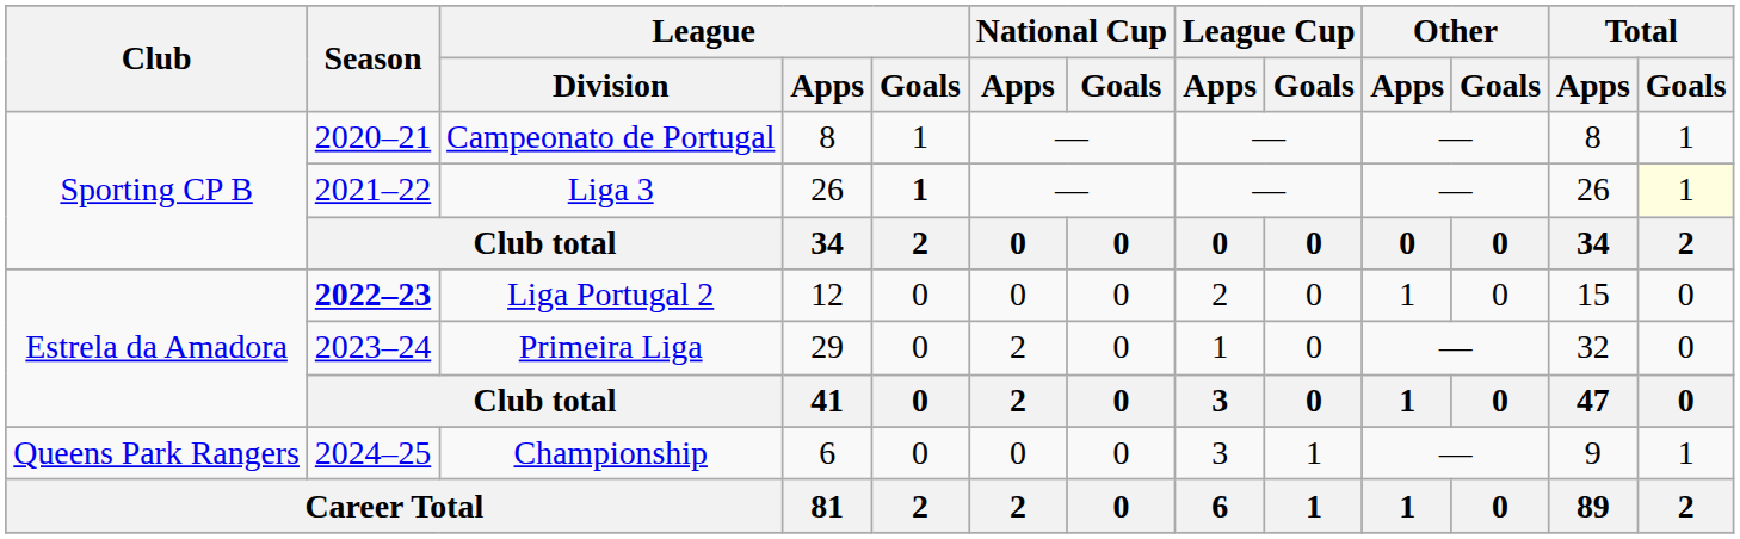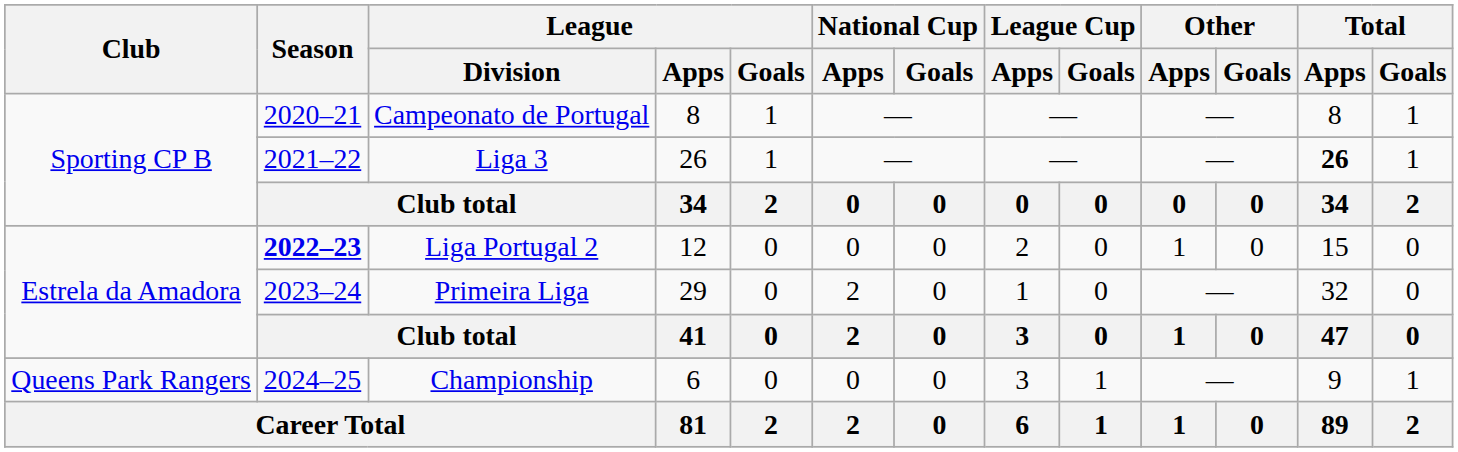 <table class="wikitable" style="text-align: center">
 <tr>
 <th rowspan="2">Club</th>
 <th rowspan="2">Season</th>
 <th colspan="3">League</th>
 <th colspan="2">National Cup</th>
 <th colspan="2">League Cup</th>
 <th colspan="2">Other</th>
 <th colspan="2">Total</th>
 </tr>
 <tr>
 <th>Division</th>
 <th>Apps</th>
 <th>Goals</th>
 <th>Apps</th>
 <th>Goals</th>
 <th>Apps</th>
 <th>Goals</th>
 <th>Apps</th>
 <th>Goals</th>
 <th>Apps</th>
 <th>Goals</th>
 </tr>
 <tr>
 <td rowspan="3"><a href='#'>Sporting CP B</a></td>
 <td><a href='#'>2020–21</a></td>
 <td><a href='#'>Campeonato de Portugal</a></td>
 <td>8</td>
 <td>1</td>
 <td colspan="2">—</td>
 <td colspan="2">—</td>
 <td colspan="2">—</td>
 <td>8</td>
 <td>1</td>
 </tr>
 <tr>
 <td><a href='#'>2021–22</a></td>
 <td><a href='#'>Liga 3</a></td>
 <td>26</td>
-<td><strong>1</strong></td>
+<td>1</td>
 <td colspan="2">—</td>
 <td colspan="2">—</td>
 <td colspan="2">—</td>
-<td>26</td>
-<td style="background: lightyellow;">1</td>
+<td><strong>26</strong></td>
+<td>1</td>
 </tr>
 <tr>
 <th colspan="2">Club total</th>
 <th>34</th>
 <th>2</th>
 <th>0</th>
 <th>0</th>
 <th>0</th>
 <th>0</th>
 <th>0</th>
 <th>0</th>
 <th>34</th>
 <th>2</th>
 </tr>
 <tr>
 <td rowspan="3"><a href='#'>Estrela da Amadora</a></td>
 <td><strong><a href='#'>2022–23</a></strong></td>
 <td><a href='#'>Liga Portugal 2</a></td>
 <td>12</td>
 <td>0</td>
 <td>0</td>
 <td>0</td>
 <td>2</td>
 <td>0</td>
 <td>1</td>
 <td>0</td>
 <td>15</td>
 <td>0</td>
 </tr>
 <tr>
 <td><a href='#'>2023–24</a></td>
 <td><a href='#'>Primeira Liga</a></td>
 <td>29</td>
 <td>0</td>
 <td>2</td>
 <td>0</td>
 <td>1</td>
 <td>0</td>
 <td colspan="2">—</td>
 <td>32</td>
 <td>0</td>
 </tr>
 <tr>
 <th colspan="2">Club total</th>
 <th>41</th>
 <th>0</th>
 <th>2</th>
 <th>0</th>
 <th>3</th>
 <th>0</th>
 <th>1</th>
 <th>0</th>
 <th>47</th>
 <th>0</th>
 </tr>
 <tr>
 <td><a href='#'>Queens Park Rangers</a></td>
 <td><a href='#'>2024–25</a></td>
 <td><a href='#'>Championship</a></td>
 <td>6</td>
 <td>0</td>
 <td>0</td>
 <td>0</td>
 <td>3</td>
 <td>1</td>
 <td colspan="2">—</td>
 <td>9</td>
 <td>1</td>
 </tr>
 <tr>
 <th colspan="3">Career Total</th>
 <th>81</th>
 <th>2</th>
 <th>2</th>
 <th>0</th>
 <th>6</th>
 <th>1</th>
 <th>1</th>
 <th>0</th>
 <th>89</th>
 <th>2</th>
 </tr>
 </table>
